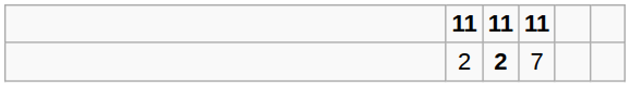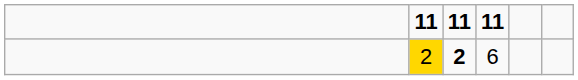 <table class="wikitable">
 <tr>
 <td style="width:18em"></td>
 <td align=center style="width:1em"><strong>11</strong></td>
 <td align=center style="width:1em"><strong>11</strong></td>
 <td align=center style="width:1em"><strong>11</strong></td>
 <td align=center style="width:1em"></td>
 <td align=center style="width:1em"></td>
 </tr>
 <tr>
 <td style="width:18em"></td>
-<td align=center style="width:1em">2</td>
+<td align=center style="background: gold; width:1em">2</td>
 <td align=center style="width:1em"><strong>2</strong></td>
-<td align=center style="width:1em">7</td>
+<td align=center style="width:1em">6</td>
 <td align=center style="width:1em"></td>
 <td align=center style="width:1em"></td>
 </tr>
 </table>
